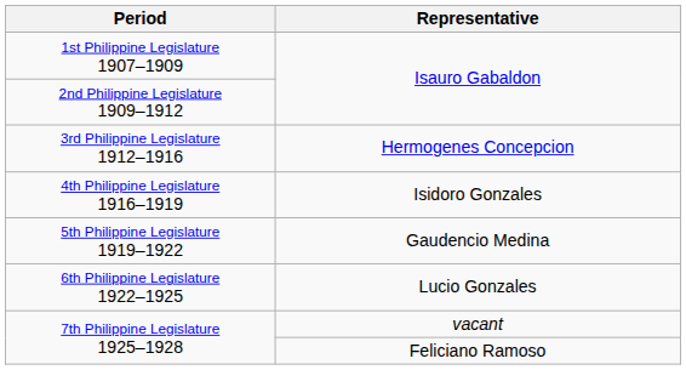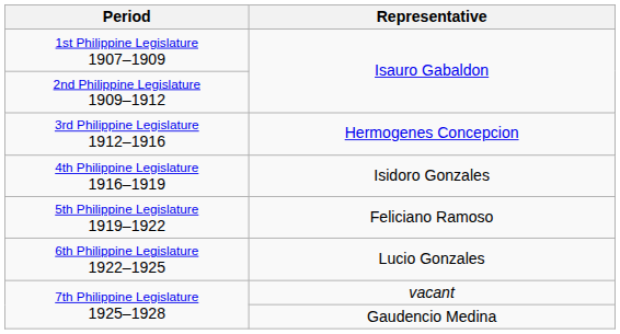 <table class="wikitable" style="text-align:center; width:40%;">
 <tr>
 <th width="40%">Period</th>
 <th>Representative</th>
 </tr>
 <tr>
 <td><small><a href='#'>1st Philippine Legislature</a></small><br>1907–1909</td>
 <td rowspan="2"><a href='#'>Isauro Gabaldon</a></td>
 </tr>
 <tr>
 <td><small><a href='#'>2nd Philippine Legislature</a></small><br>1909–1912</td>
 </tr>
 <tr>
 <td><small><a href='#'>3rd Philippine Legislature</a></small><br>1912–1916</td>
 <td><a href='#'>Hermogenes Concepcion</a></td>
 </tr>
 <tr>
 <td><small><a href='#'>4th Philippine Legislature</a></small><br>1916–1919</td>
 <td>Isidoro Gonzales</td>
 </tr>
 <tr>
 <td><small><a href='#'>5th Philippine Legislature</a></small><br>1919–1922</td>
-<td>Gaudencio Medina</td>
+<td>Feliciano Ramoso</td>
 </tr>
 <tr>
 <td><small><a href='#'>6th Philippine Legislature</a></small><br>1922–1925</td>
 <td>Lucio Gonzales</td>
 </tr>
 <tr>
 <td rowspan="2"><small><a href='#'>7th Philippine Legislature</a></small><br>1925–1928</td>
 <td><em>vacant</em></td>
 </tr>
 <tr>
-<td>Feliciano Ramoso</td>
+<td>Gaudencio Medina</td>
 </tr>
 </table>
